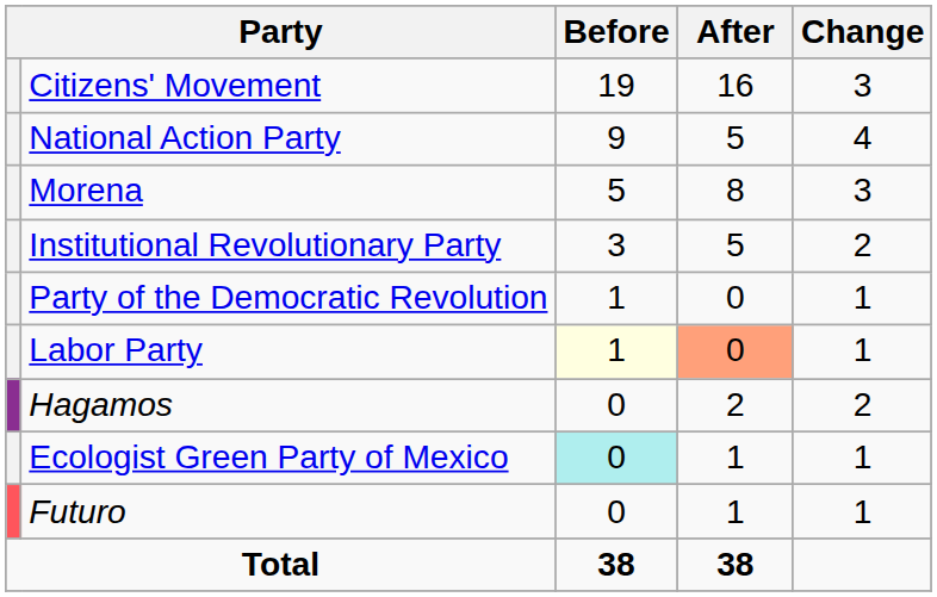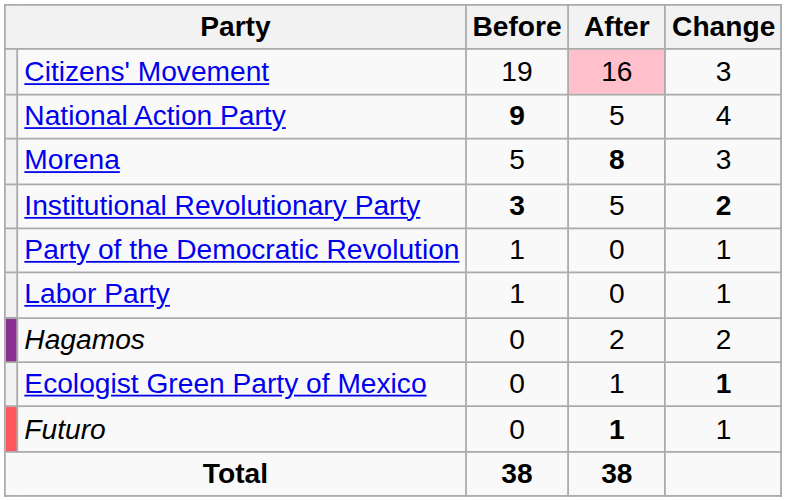 <table class="wikitable" style="text-align:center;">
 <tr>
 <th colspan="2">Party</th>
 <th style="width:3em">Before</th>
 <th style="width:3em">After</th>
 <th style="width:3em">Change</th>
 </tr>
 <tr>
 <th style="background-color:"></th>
 <td style="text-align:left;"><a href='#'>Citizens' Movement</a></td>
 <td>19</td>
-<td>16</td>
+<td style="background: pink;">16</td>
 <td>3</td>
 </tr>
 <tr>
 <th style="background-color:"></th>
 <td style="text-align:left;"><a href='#'>National Action Party</a></td>
-<td>9</td>
+<td><strong>9</strong></td>
 <td>5</td>
 <td>4</td>
 </tr>
 <tr>
 <th style="background-color:"></th>
 <td style="text-align:left;"><a href='#'>Morena</a></td>
 <td>5</td>
-<td>8</td>
+<td><strong>8</strong></td>
 <td>3</td>
 </tr>
 <tr>
 <th style="background-color:"></th>
 <td style="text-align:left;"><a href='#'>Institutional Revolutionary Party</a></td>
-<td>3</td>
+<td><strong>3</strong></td>
 <td>5</td>
-<td>2</td>
+<td><strong>2</strong></td>
 </tr>
 <tr>
 <th style="background-color:"></th>
 <td style="text-align:left;"><a href='#'>Party of the Democratic Revolution</a></td>
 <td>1</td>
 <td>0</td>
 <td>1</td>
 </tr>
 <tr>
 <th style="background-color:"></th>
 <td style="text-align:left;"><a href='#'>Labor Party</a></td>
-<td style="background: lightyellow;">1</td>
-<td style="background: lightsalmon;">0</td>
+<td>1</td>
+<td>0</td>
 <td>1</td>
 </tr>
 <tr>
 <th style="background-color:#8a2e91;"></th>
 <td style="text-align:left;"><em>Hagamos</em></td>
 <td>0</td>
 <td>2</td>
 <td>2</td>
 </tr>
 <tr>
 <th style="background-color:"></th>
 <td style="text-align:left;"><a href='#'>Ecologist Green Party of Mexico</a></td>
-<td style="background: paleturquoise;">0</td>
+<td>0</td>
 <td>1</td>
-<td>1</td>
+<td><strong>1</strong></td>
 </tr>
 <tr>
 <th style="background-color:#ff555c;"></th>
 <td style="text-align:left;"><em>Futuro</em></td>
 <td>0</td>
-<td>1</td>
+<td><strong>1</strong></td>
 <td>1</td>
 </tr>
 <tr>
 <td colspan="2"><strong>Total</strong></td>
 <td><strong>38</strong></td>
 <td><strong>38</strong></td>
 <td></td>
 </tr>
 </table>
